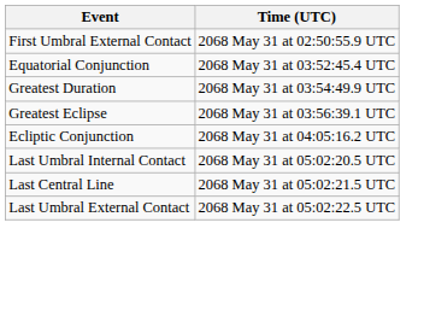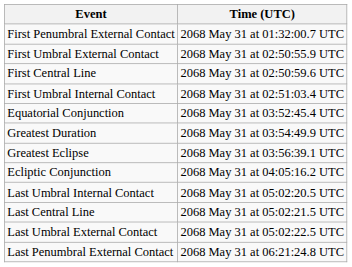 <table class="wikitable">
 <tr>
 <th>Event</th>
 <th>Time (UTC)</th>
 </tr>
 <tr>
+<td>First Penumbral External Contact</td>
+<td>2068 May 31 at 01:32:00.7 UTC</td>
+</tr>
+<tr>
 <td>First Umbral External Contact</td>
 <td>2068 May 31 at 02:50:55.9 UTC</td>
+</tr>
+<tr>
+<td>First Central Line</td>
+<td>2068 May 31 at 02:50:59.6 UTC</td>
+</tr>
+<tr>
+<td>First Umbral Internal Contact</td>
+<td>2068 May 31 at 02:51:03.4 UTC</td>
 </tr>
 <tr>
 <td>Equatorial Conjunction</td>
 <td>2068 May 31 at 03:52:45.4 UTC</td>
 </tr>
 <tr>
 <td>Greatest Duration</td>
 <td>2068 May 31 at 03:54:49.9 UTC</td>
 </tr>
 <tr>
 <td>Greatest Eclipse</td>
 <td>2068 May 31 at 03:56:39.1 UTC</td>
 </tr>
 <tr>
 <td>Ecliptic Conjunction</td>
 <td>2068 May 31 at 04:05:16.2 UTC</td>
 </tr>
 <tr>
 <td>Last Umbral Internal Contact</td>
 <td>2068 May 31 at 05:02:20.5 UTC</td>
 </tr>
 <tr>
 <td>Last Central Line</td>
 <td>2068 May 31 at 05:02:21.5 UTC</td>
 </tr>
 <tr>
 <td>Last Umbral External Contact</td>
 <td>2068 May 31 at 05:02:22.5 UTC</td>
 </tr>
+<tr>
+<td>Last Penumbral External Contact</td>
+<td>2068 May 31 at 06:21:24.8 UTC</td>
+</tr>
 </table>
